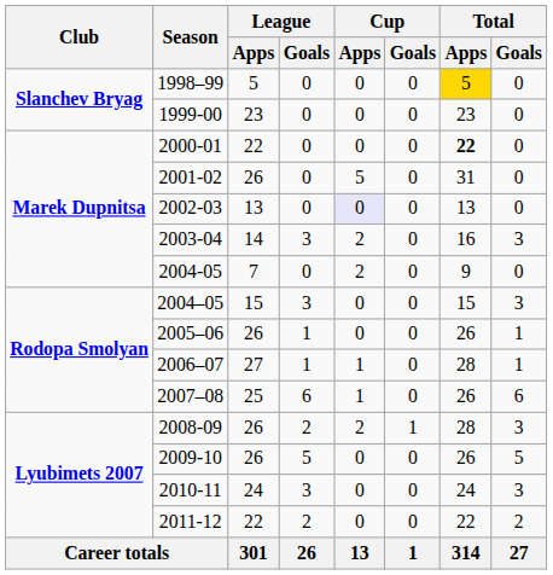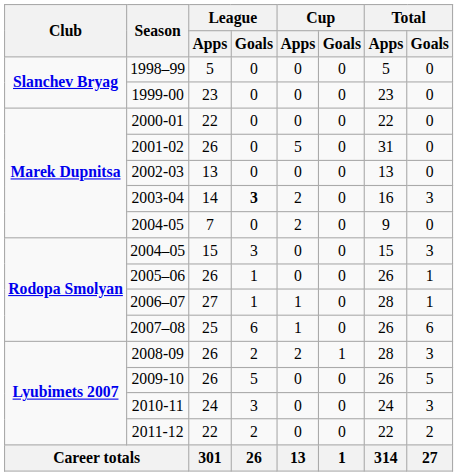 <table class="wikitable" style="font-size:90%; text-align: center;">
 <tr>
 <th rowspan="2">Club</th>
 <th rowspan="2">Season</th>
 <th colspan="2">League</th>
 <th colspan="2">Cup</th>
 <th colspan="2">Total</th>
 </tr>
 <tr>
 <th>Apps</th>
 <th>Goals</th>
 <th>Apps</th>
 <th>Goals</th>
 <th>Apps</th>
 <th>Goals</th>
 </tr>
 <tr>
 <td rowspan="2" valign="center"><strong><a href='#'>Slanchev Bryag</a></strong></td>
 <td>1998–99</td>
 <td>5</td>
 <td>0</td>
 <td>0</td>
 <td>0</td>
-<td style="background: gold;">5</td>
+<td>5</td>
 <td>0</td>
 </tr>
 <tr>
 <td>1999-00</td>
 <td>23</td>
 <td>0</td>
 <td>0</td>
 <td>0</td>
 <td>23</td>
 <td>0</td>
 </tr>
 <tr>
 <td rowspan="5" valign="center"><strong><a href='#'>Marek Dupnitsa</a></strong></td>
 <td>2000-01</td>
 <td>22</td>
 <td>0</td>
 <td>0</td>
 <td>0</td>
-<td><strong>22</strong></td>
+<td>22</td>
 <td>0</td>
 </tr>
 <tr>
 <td>2001-02</td>
 <td>26</td>
 <td>0</td>
 <td>5</td>
 <td>0</td>
 <td>31</td>
 <td>0</td>
 </tr>
 <tr>
 <td>2002-03</td>
 <td>13</td>
 <td>0</td>
-<td style="background: lavender;">0</td>
+<td>0</td>
 <td>0</td>
 <td>13</td>
 <td>0</td>
 </tr>
 <tr>
 <td>2003-04</td>
 <td>14</td>
-<td>3</td>
+<td><strong>3</strong></td>
 <td>2</td>
 <td>0</td>
 <td>16</td>
 <td>3</td>
 </tr>
 <tr>
 <td>2004-05</td>
 <td>7</td>
 <td>0</td>
 <td>2</td>
 <td>0</td>
 <td>9</td>
 <td>0</td>
 </tr>
 <tr>
 <td rowspan="4" valign="center"><strong><a href='#'>Rodopa Smolyan</a></strong></td>
 <td>2004–05</td>
 <td>15</td>
 <td>3</td>
 <td>0</td>
 <td>0</td>
 <td>15</td>
 <td>3</td>
 </tr>
 <tr>
 <td>2005–06</td>
 <td>26</td>
 <td>1</td>
 <td>0</td>
 <td>0</td>
 <td>26</td>
 <td>1</td>
 </tr>
 <tr>
 <td>2006–07</td>
 <td>27</td>
 <td>1</td>
 <td>1</td>
 <td>0</td>
 <td>28</td>
 <td>1</td>
 </tr>
 <tr>
 <td>2007–08</td>
 <td>25</td>
 <td>6</td>
 <td>1</td>
 <td>0</td>
 <td>26</td>
 <td>6</td>
 </tr>
 <tr>
 <td rowspan="4" valign="center"><strong><a href='#'>Lyubimets 2007</a></strong></td>
 <td>2008-09</td>
 <td>26</td>
 <td>2</td>
 <td>2</td>
 <td>1</td>
 <td>28</td>
 <td>3</td>
 </tr>
 <tr>
 <td>2009-10</td>
 <td>26</td>
 <td>5</td>
 <td>0</td>
 <td>0</td>
 <td>26</td>
 <td>5</td>
 </tr>
 <tr>
 <td>2010-11</td>
 <td>24</td>
 <td>3</td>
 <td>0</td>
 <td>0</td>
 <td>24</td>
 <td>3</td>
 </tr>
 <tr>
 <td>2011-12</td>
 <td>22</td>
 <td>2</td>
 <td>0</td>
 <td>0</td>
 <td>22</td>
 <td>2</td>
 </tr>
 <tr>
 <th colspan="2">Career totals</th>
 <th>301</th>
 <th>26</th>
 <th>13</th>
 <th>1</th>
 <th>314</th>
 <th>27</th>
 </tr>
 </table>
